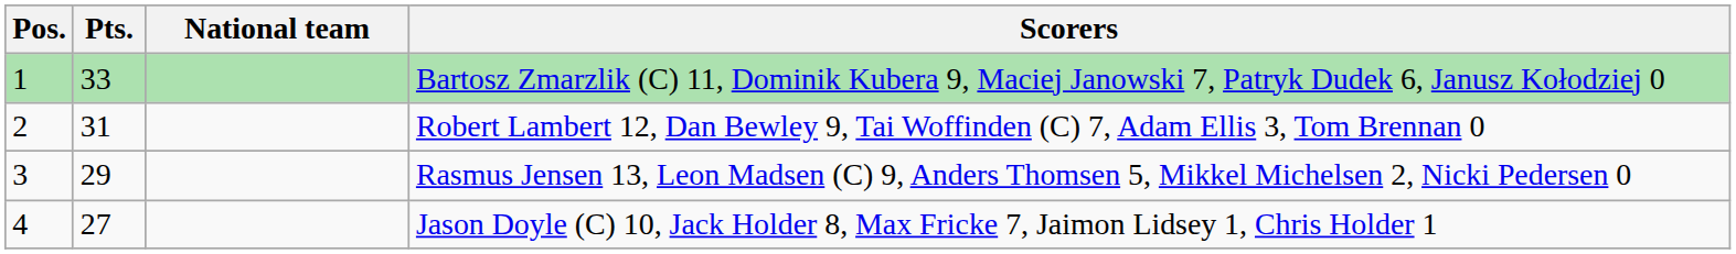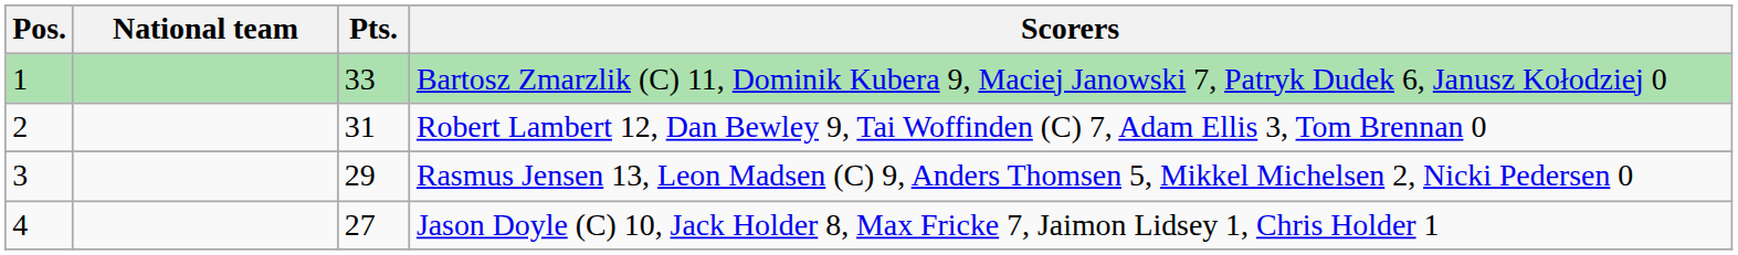 <table class=wikitable>
 <tr>
 <th width=20>Pos.</th>
+<th width=130>National team</th>
 <th width=30>Pts.</th>
-<th width=130>National team</th>
 <th width=680>Scorers</th>
 </tr>
 <tr style="background:#ACE1AF;">
 <td>1</td>
+<td align=left></td>
 <td>33</td>
-<td align=left></td>
 <td><a href='#'>Bartosz Zmarzlik</a> (C) 11, <a href='#'>Dominik Kubera</a> 9, <a href='#'>Maciej Janowski</a> 7, <a href='#'>Patryk Dudek</a> 6, <a href='#'>Janusz Kołodziej</a> 0</td>
 </tr>
 <tr>
 <td>2</td>
+<td align=left></td>
 <td>31</td>
-<td align=left></td>
 <td><a href='#'>Robert Lambert</a> 12, <a href='#'>Dan Bewley</a> 9, <a href='#'>Tai Woffinden</a> (C) 7, <a href='#'>Adam Ellis</a> 3, <a href='#'>Tom Brennan</a> 0</td>
 </tr>
 <tr>
 <td>3</td>
+<td align=left></td>
 <td>29</td>
-<td align=left></td>
 <td><a href='#'>Rasmus Jensen</a> 13, <a href='#'>Leon Madsen</a> (C) 9, <a href='#'>Anders Thomsen</a> 5, <a href='#'>Mikkel Michelsen</a> 2, <a href='#'>Nicki Pedersen</a> 0</td>
 </tr>
 <tr>
 <td>4</td>
+<td align=left></td>
 <td>27</td>
-<td align=left></td>
 <td><a href='#'>Jason Doyle</a> (C) 10, <a href='#'>Jack Holder</a> 8, <a href='#'>Max Fricke</a> 7, Jaimon Lidsey 1,  <a href='#'>Chris Holder</a> 1</td>
 </tr>
 </table>
